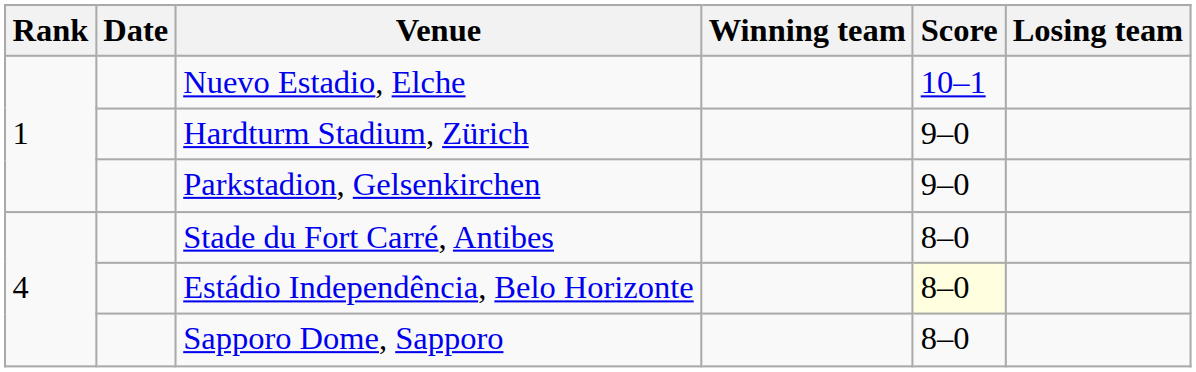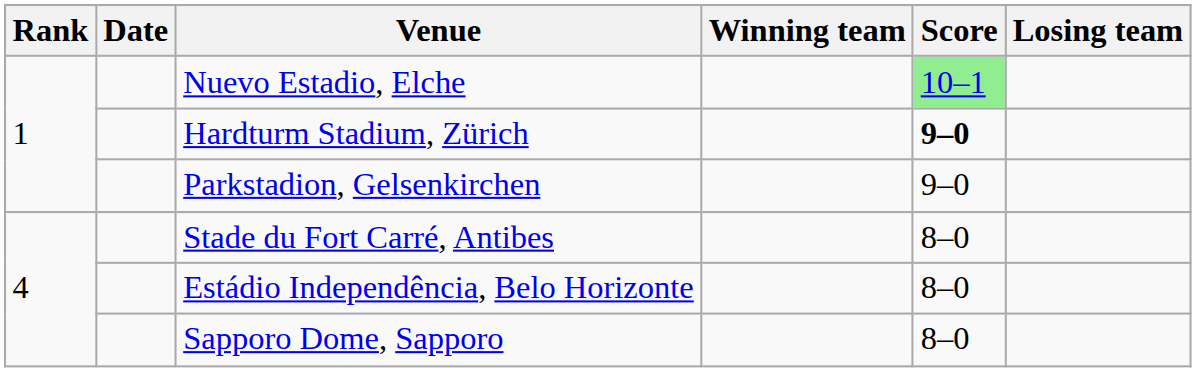 <table class="wikitable sortable">
 <tr>
 <th>Rank</th>
 <th>Date</th>
 <th>Venue</th>
 <th>Winning team</th>
 <th>Score</th>
 <th>Losing team</th>
 </tr>
 <tr>
 <td rowspan=3>1</td>
 <td></td>
 <td><a href='#'>Nuevo Estadio</a>, <a href='#'>Elche</a></td>
 <td></td>
-<td><a href='#'>10–1</a></td>
+<td style="background: lightgreen;"><a href='#'>10–1</a></td>
 <td></td>
 </tr>
 <tr>
 <td></td>
 <td><a href='#'>Hardturm Stadium</a>, <a href='#'>Zürich</a></td>
 <td></td>
-<td>9–0</td>
+<td><strong>9–0</strong></td>
 <td></td>
 </tr>
 <tr>
 <td></td>
 <td><a href='#'>Parkstadion</a>, <a href='#'>Gelsenkirchen</a></td>
 <td></td>
 <td>9–0</td>
 <td></td>
 </tr>
 <tr>
 <td rowspan=3>4</td>
 <td></td>
 <td><a href='#'>Stade du Fort Carré</a>, <a href='#'>Antibes</a></td>
 <td></td>
 <td>8–0</td>
 <td></td>
 </tr>
 <tr>
 <td></td>
 <td><a href='#'>Estádio Independência</a>, <a href='#'>Belo Horizonte</a></td>
 <td></td>
-<td style="background: lightyellow;">8–0</td>
+<td>8–0</td>
 <td></td>
 </tr>
 <tr>
 <td></td>
 <td><a href='#'>Sapporo Dome</a>, <a href='#'>Sapporo</a></td>
 <td></td>
 <td>8–0</td>
 <td></td>
 </tr>
 </table>
